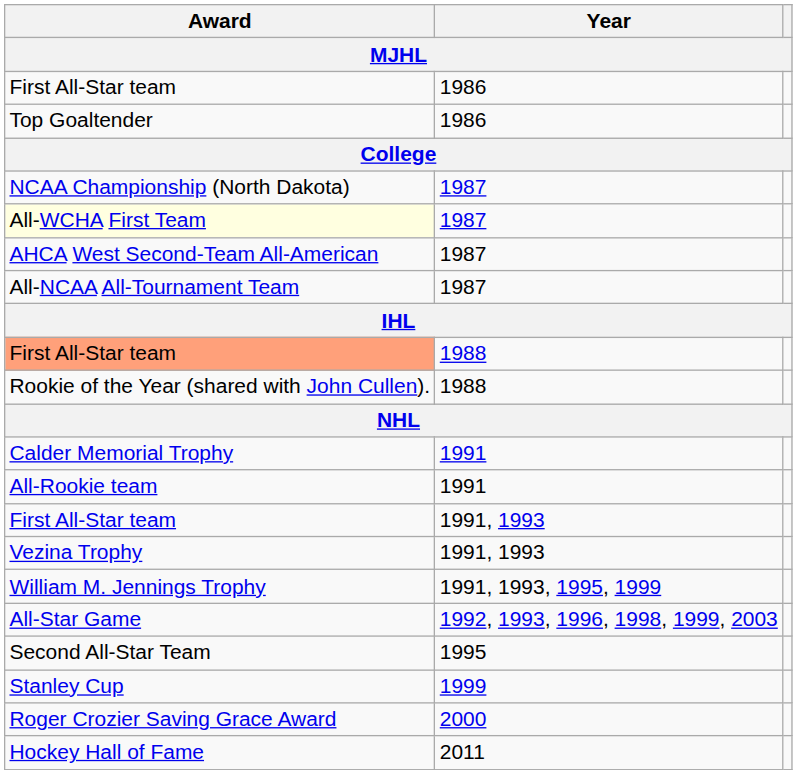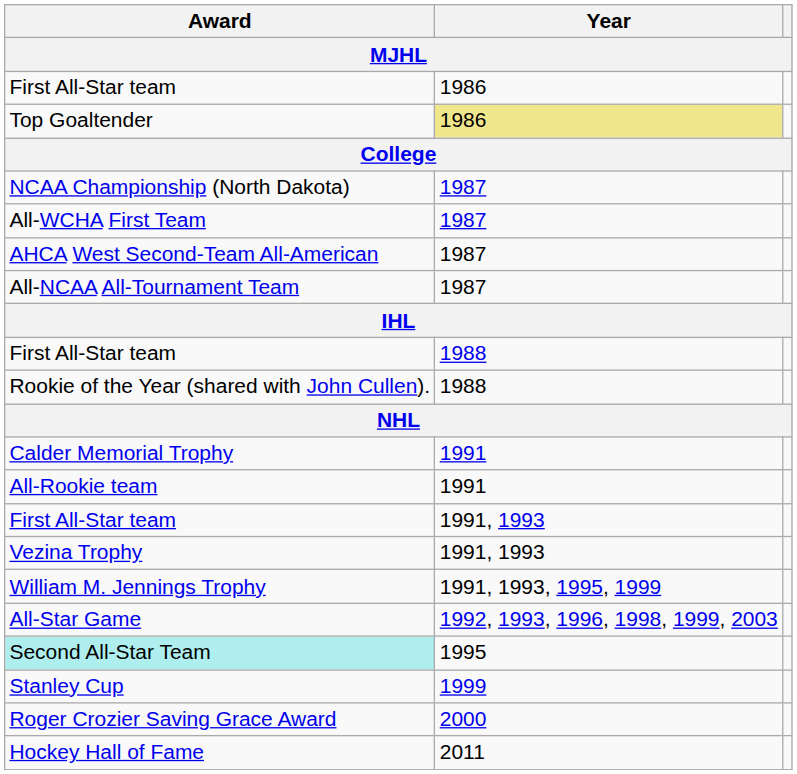 <table class="wikitable">
 <tr>
 <th>Award</th>
 <th>Year</th>
 <th></th>
 </tr>
 <tr ALIGN="center" bgcolor="#e0e0e0">
 <th colspan="3"><a href='#'>MJHL</a></th>
 </tr>
 <tr>
 <td>First All-Star team</td>
 <td>1986</td>
 <td></td>
 </tr>
 <tr>
 <td>Top Goaltender</td>
-<td>1986</td>
+<td style="background: khaki;">1986</td>
 <td></td>
 </tr>
 <tr ALIGN="center" bgcolor="#e0e0e0">
 <th colspan="3"><a href='#'>College</a></th>
 </tr>
 <tr>
 <td><a href='#'>NCAA Championship</a> (North Dakota)</td>
 <td><a href='#'>1987</a></td>
 <td></td>
 </tr>
 <tr>
-<td style="background: lightyellow;">All-<a href='#'>WCHA</a> <a href='#'>First Team</a></td>
+<td>All-<a href='#'>WCHA</a> <a href='#'>First Team</a></td>
 <td><a href='#'>1987</a></td>
 <td></td>
 </tr>
 <tr>
 <td><a href='#'>AHCA</a> <a href='#'>West Second-Team All-American</a></td>
 <td>1987</td>
 <td></td>
 </tr>
 <tr>
 <td>All-<a href='#'>NCAA</a> <a href='#'>All-Tournament Team</a></td>
 <td>1987</td>
 <td></td>
 </tr>
 <tr ALIGN="center" bgcolor="#e0e0e0">
 <th colspan="3"><a href='#'>IHL</a></th>
 </tr>
 <tr>
-<td style="background: lightsalmon;">First All-Star team</td>
+<td>First All-Star team</td>
 <td><a href='#'>1988</a></td>
 <td></td>
 </tr>
 <tr>
 <td>Rookie of the Year (shared with <a href='#'>John Cullen</a>).</td>
 <td>1988</td>
 <td></td>
 </tr>
 <tr ALIGN="center" bgcolor="#e0e0e0">
 <th colspan="3"><a href='#'>NHL</a></th>
 </tr>
 <tr>
 <td><a href='#'>Calder Memorial Trophy</a></td>
 <td><a href='#'>1991</a></td>
 <td></td>
 </tr>
 <tr>
 <td><a href='#'>All-Rookie team</a></td>
 <td>1991</td>
 <td></td>
 </tr>
 <tr>
 <td><a href='#'>First All-Star team</a></td>
 <td>1991, <a href='#'>1993</a></td>
 <td></td>
 </tr>
 <tr>
 <td><a href='#'>Vezina Trophy</a></td>
 <td>1991, 1993</td>
 <td></td>
 </tr>
 <tr>
 <td><a href='#'>William M. Jennings Trophy</a></td>
 <td>1991, 1993, <a href='#'>1995</a>, <a href='#'>1999</a></td>
 <td></td>
 </tr>
 <tr>
 <td><a href='#'>All-Star Game</a></td>
 <td><a href='#'>1992</a>, <a href='#'>1993</a>, <a href='#'>1996</a>, <a href='#'>1998</a>, <a href='#'>1999</a>, <a href='#'>2003</a></td>
 <td></td>
 </tr>
 <tr>
-<td>Second All-Star Team</td>
+<td style="background: paleturquoise;">Second All-Star Team</td>
 <td>1995</td>
 <td></td>
 </tr>
 <tr>
 <td><a href='#'>Stanley Cup</a></td>
 <td><a href='#'>1999</a></td>
 <td></td>
 </tr>
 <tr>
 <td><a href='#'>Roger Crozier Saving Grace Award</a></td>
 <td><a href='#'>2000</a></td>
 <td></td>
 </tr>
 <tr>
 <td><a href='#'>Hockey Hall of Fame</a></td>
 <td>2011</td>
 <td></td>
 </tr>
 </table>
